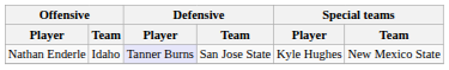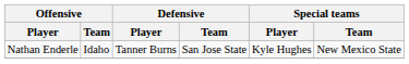 <table class="wikitable" border="1">
 <tr>
 <th colspan="2">Offensive</th>
 <th colspan="2">Defensive</th>
 <th colspan="2">Special teams</th>
 </tr>
 <tr>
 <th>Player</th>
 <th>Team</th>
 <th>Player</th>
 <th>Team</th>
 <th>Player</th>
 <th>Team</th>
 </tr>
 <tr>
 <td>Nathan Enderle</td>
 <td>Idaho</td>
-<td style="background: lavender;">Tanner Burns</td>
+<td>Tanner Burns</td>
 <td>San Jose State</td>
 <td>Kyle Hughes</td>
 <td>New Mexico State</td>
 </tr>
 <tr>
 </tr>
 </table>
